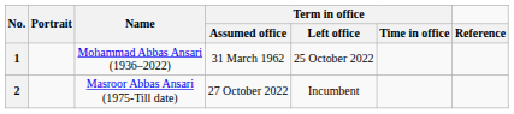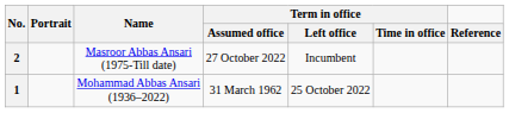 <table class="wikitable" style="text-align:center">
 <tr>
 <th rowspan=2 style="background-color:">No.</th>
 <th rowspan=2 style="background-color:">Portrait</th>
 <th rowspan=2 style="background-color:">Name<br></th>
 <th colspan=3 style="background-color:">Term in office</th>
 </tr>
 <tr>
 <th style="background-color:">Assumed office</th>
 <th style="background-color:">Left office</th>
 <th style="background-color:">Time in office</th>
 <th style="background-color:">Reference</th>
 </tr>
 <tr>
+<th>2</th>
+<td></td>
+<td><a href='#'>Masroor Abbas Ansari</a><br>(1975-Till date)</td>
+<td>27 October 2022</td>
+<td>Incumbent</td>
+<td></td>
+<td></td>
+</tr>
+<tr>
 <th>1</th>
 <td></td>
 <td><a href='#'>Mohammad Abbas Ansari</a><br>(1936–2022)</td>
 <td>31 March 1962</td>
 <td>25 October 2022</td>
 <td></td>
 <td></td>
 </tr>
-<tr>
-<th>2</th>
-<td></td>
-<td><a href='#'>Masroor Abbas Ansari</a><br>(1975-Till date)</td>
-<td>27 October 2022</td>
-<td>Incumbent</td>
-<td></td>
-<td></td>
-</tr>
 </table>
